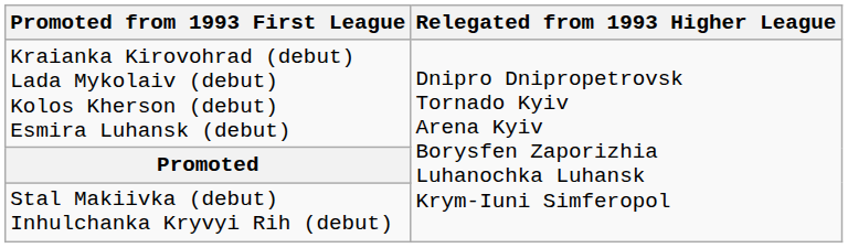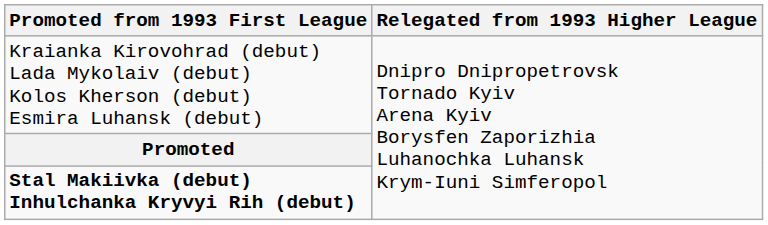 <table class="wikitable">
 <tr>
 <th>Promoted from 1993 First League</th>
 <th>Relegated from 1993 Higher League</th>
 </tr>
 <tr>
 <td>Kraianka Kirovohrad (debut)<br>Lada Mykolaiv (debut)<br>Kolos Kherson (debut)<br>Esmira Luhansk (debut)</td>
 <td rowspan=3>Dnipro Dnipropetrovsk <br>Tornado Kyiv <br>Arena Kyiv <br>Borysfen Zaporizhia <br>Luhanochka Luhansk <br>Krym-Iuni Simferopol </td>
 </tr>
 <tr>
 <th>Promoted</th>
 </tr>
 <tr>
-<td>Stal Makiivka (debut)<br>Inhulchanka Kryvyi Rih (debut)</td>
+<td><strong>Stal Makiivka (debut)<br>Inhulchanka Kryvyi Rih (debut)</strong></td>
 </tr>
 </table>
